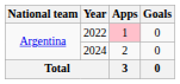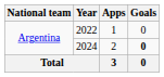 <table class="wikitable" style="text-align:center">
 <tr>
 <th>National team</th>
 <th>Year</th>
 <th>Apps</th>
 <th>Goals</th>
 </tr>
 <tr>
 <td rowspan="2"><a href='#'>Argentina</a></td>
 <td>2022</td>
-<td style="background: pink;">1</td>
+<td>1</td>
 <td>0</td>
 </tr>
 <tr>
 <td>2024</td>
 <td>2</td>
-<td>0</td>
+<td><strong>0</strong></td>
 </tr>
 <tr>
 <th colspan="2">Total</th>
 <th>3</th>
 <th>0</th>
 </tr>
 </table>
